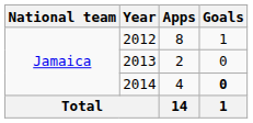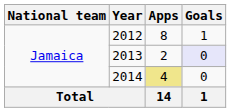 <table class="wikitable" style="text-align: center;">
 <tr>
 <th>National team</th>
 <th>Year</th>
 <th>Apps</th>
 <th>Goals</th>
 </tr>
 <tr>
 <td rowspan="3"><a href='#'>Jamaica</a></td>
 <td>2012</td>
 <td>8</td>
 <td>1</td>
 </tr>
 <tr>
 <td>2013</td>
 <td>2</td>
-<td>0</td>
+<td style="background: lavender;">0</td>
 </tr>
 <tr>
 <td>2014</td>
-<td>4</td>
-<td><strong>0</strong></td>
+<td style="background: khaki;">4</td>
+<td>0</td>
 </tr>
 <tr>
 <th colspan="2">Total</th>
 <th>14</th>
 <th>1</th>
 </tr>
 </table>
